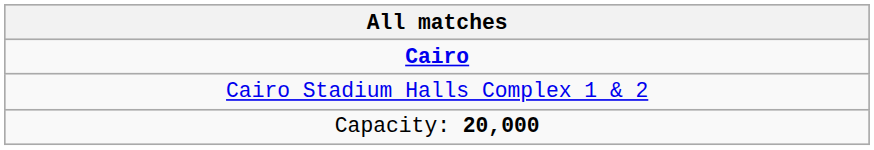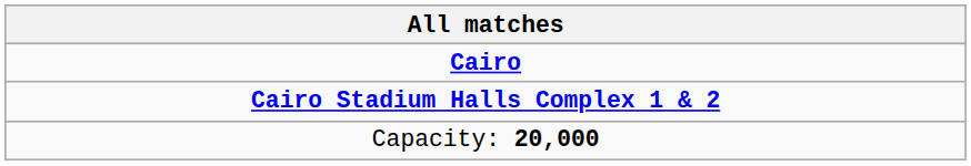 <table class=wikitable style=text-align:center>
 <tr>
 <th width=50%>All matches</th>
 </tr>
 <tr>
 <td> <strong><a href='#'>Cairo</a></strong></td>
 </tr>
 <tr>
-<td><a href='#'>Cairo Stadium Halls Complex 1 & 2</a></td>
+<td><strong><a href='#'>Cairo Stadium Halls Complex 1 & 2</a></strong></td>
 </tr>
 <tr>
 <td>Capacity: <strong>20,000</strong></td>
 </tr>
 </table>
